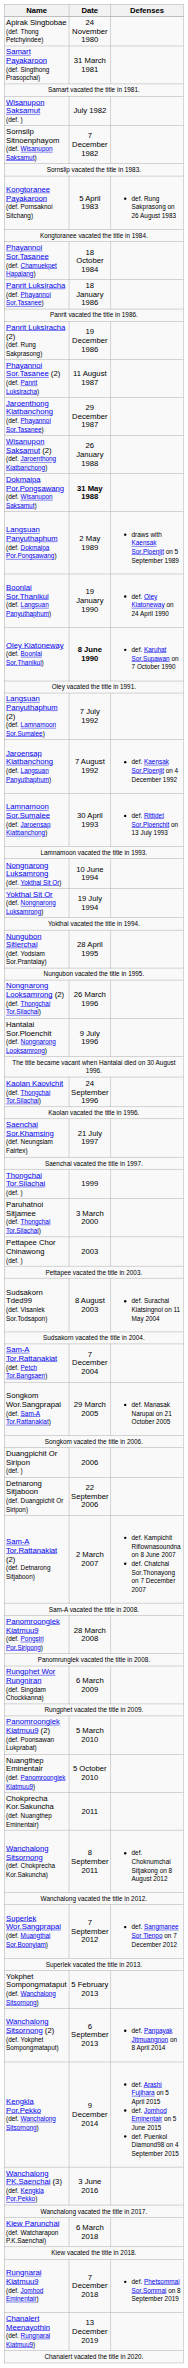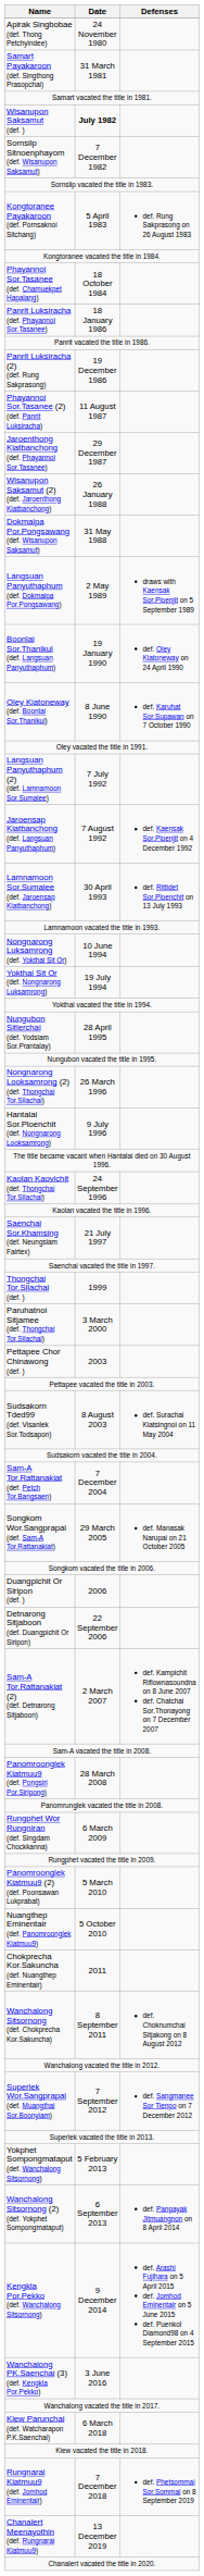 <table class="wikitable" style="width:60%; font-size:100%;">
 <tr>
 <th style="width:25%;">Name</th>
 <th style="width:15%;">Date</th>
 <th style="width:40%;">Defenses</th>
 </tr>
 <tr>
 </tr>
 <tr>
 <td align=left> Apirak Singbobae <br><small>(def. Thong Petchyindee)</small></td>
 <td align=center>24 November 1980</td>
 <td></td>
 </tr>
 <tr>
 <td align=left> <a href='#'>Samart Payakaroon</a> <br><small>(def. Singthong Prasopchai)</small></td>
 <td align=center>31 March 1981</td>
 <td></td>
 </tr>
 <tr>
 <td colspan=4 align=center><small>Samart vacated the title in 1981.</small></td>
 </tr>
 <tr>
 <td align=left> <a href='#'>Wisanupon Saksamut</a> <br><small>(def. )</small></td>
-<td align=center>July 1982</td>
+<td align=center><strong>July 1982</strong></td>
 <td></td>
 </tr>
 <tr>
 <td align=left> Sornsilp Sitnoenphayom <br><small>(def. <a href='#'>Wisanupon Saksamut</a>)</small></td>
 <td align=center>7 December 1982</td>
 <td></td>
 </tr>
 <tr>
 <td colspan=4 align=center><small>Sornslip vacated the title in 1983.</small></td>
 </tr>
 <tr>
 <td align=left> <a href='#'>Kongtoranee Payakaroon</a> <br><small>(def. Pornsaknoi Sitchang)</small></td>
 <td align=center>5 April 1983</td>
 <td><br><ul><li><small>def. Rung Sakprasong on 26 August 1983</small></li></ul></td>
 </tr>
 <tr>
 <td colspan=4 align=center><small>Kongtoranee vacated the title in 1984.</small></td>
 </tr>
 <tr>
 <td align=left> <a href='#'>Phayannoi Sor.Tasanee</a> <br><small>(def. <a href='#'>Chamuekpet Hapalang</a>)</small></td>
 <td align=center>18 October 1984</td>
 <td></td>
 </tr>
 <tr>
 <td align=left> <a href='#'>Panrit Luksiracha</a><br><small>(def. <a href='#'>Phayannoi Sor.Tasanee</a>)</small></td>
 <td align=center>18 January 1986</td>
 <td></td>
 </tr>
 <tr>
 <td colspan=4 align=center><small>Panrit vacated the title in 1986.</small></td>
 </tr>
 <tr>
 <td align=left> <a href='#'>Panrit Luksiracha</a> (2)<br><small>(def. Rung Sakprasong)</small></td>
 <td align=center>19 December 1986</td>
 <td></td>
 </tr>
 <tr>
 <td align=left> <a href='#'>Phayannoi Sor.Tasanee</a> (2)<br><small>(def. <a href='#'>Panrit Luksiracha</a>)</small></td>
 <td align=center>11 August 1987</td>
 <td></td>
 </tr>
 <tr>
 <td align=left> <a href='#'>Jaroenthong Kiatbanchong</a> <br><small>(def. <a href='#'>Phayannoi Sor.Tasanee</a>)</small></td>
 <td align=center>29 December 1987</td>
 <td></td>
 </tr>
 <tr>
 <td align=left> <a href='#'>Wisanupon Saksamut</a> (2)<br><small>(def. <a href='#'>Jaroenthong Kiatbanchong</a>)</small></td>
 <td align=center>26 January 1988</td>
 <td></td>
 </tr>
 <tr>
 <td align=left> <a href='#'>Dokmaipa Por.Pongsawang</a><br><small>(def. <a href='#'>Wisanupon Saksamut</a>)</small></td>
-<td align=center><strong>31 May 1988</strong></td>
+<td align=center>31 May 1988</td>
 <td></td>
 </tr>
 <tr>
 <td align=left> <a href='#'>Langsuan Panyuthaphum</a><br><small>(def. <a href='#'>Dokmaipa Por.Pongsawang</a>)</small></td>
 <td align=center>2 May 1989</td>
 <td><br><ul><li><small>draws with <a href='#'>Kaensak Sor.Ploenjit</a> on 5 September 1989</small></li></ul></td>
 </tr>
 <tr>
 <td align=left> <a href='#'>Boonlai Sor.Thanikul</a><br><small>(def. <a href='#'>Langsuan Panyuthaphum</a>)</small></td>
 <td align=center>19 January 1990</td>
 <td><br><ul><li><small>def. <a href='#'>Oley Kiatoneway</a> on 24 April 1990</small></li></ul></td>
 </tr>
 <tr>
 <td align=left> <a href='#'>Oley Kiatoneway</a><br><small>(def. <a href='#'>Boonlai Sor.Thanikul</a>)</small></td>
-<td align=center><strong>8 June 1990</strong></td>
+<td align=center>8 June 1990</td>
 <td><br><ul><li><small>def. <a href='#'>Karuhat Sor.Supawan</a> on 7 October 1990</small></li></ul></td>
 </tr>
 <tr>
 <td colspan=4 align=center><small>Oley vacated the title in 1991.</small></td>
 </tr>
 <tr>
 <td align=left> <a href='#'>Langsuan Panyuthaphum</a> (2)<br><small>(def. <a href='#'>Lamnamoon Sor.Sumalee</a>)</small></td>
 <td align=center>7 July 1992</td>
 <td></td>
 </tr>
 <tr>
 <td align=left> <a href='#'>Jaroensap Kiatbanchong</a><br><small>(def. <a href='#'>Langsuan Panyuthaphum</a>)</small></td>
 <td align=center>7 August 1992</td>
 <td><br><ul><li><small>def. <a href='#'>Kaensak Sor.Ploenjit</a> on 4 December 1992</small></li></ul></td>
 </tr>
 <tr>
 <td align=left> <a href='#'>Lamnamoon Sor.Sumalee</a><br><small>(def. <a href='#'>Jaroensap Kiatbanchong</a>)</small></td>
 <td align=center>30 April 1993</td>
 <td><br><ul><li><small>def. <a href='#'>Rittidet Sor.Ploenchit</a> on 13 July 1993</small></li></ul></td>
 </tr>
 <tr>
 <td colspan=4 align=center><small>Lamnamoon vacated the title in 1993.</small></td>
 </tr>
 <tr>
 <td align=left> <a href='#'>Nongnarong Luksamrong</a><br><small>(def. <a href='#'>Yokthai Sit Or</a>)</small></td>
 <td align=center>10 June 1994</td>
 <td></td>
 </tr>
 <tr>
 <td align=left> <a href='#'>Yokthai Sit Or</a><br><small>(def. <a href='#'>Nongnarong Luksamrong</a>)</small></td>
 <td align=center>19 July 1994</td>
 <td></td>
 </tr>
 <tr>
 <td colspan=4 align=center><small>Yokthai vacated the title in 1994.</small></td>
 </tr>
 <tr>
 <td align=left> <a href='#'>Nungubon Sitlerchai</a><br><small>(def. Yodsiam Sor.Prantalay)</small></td>
 <td align=center>28 April 1995</td>
 <td></td>
 </tr>
 <tr>
 <td colspan=4 align=center><small>Nungubon vacated the title in 1995.</small></td>
 </tr>
 <tr>
 <td align=left> <a href='#'>Nongnarong Looksamrong</a> (2)<br><small>(def. <a href='#'>Thongchai Tor.Silachai</a>)</small></td>
 <td align=center>26 March 1996</td>
 <td></td>
 </tr>
 <tr>
 <td align=left> Hantalai Sor.Ploenchit<br><small>(def. <a href='#'>Nongnarong Looksamrong</a>)</small></td>
 <td align=center>9 July 1996</td>
 <td></td>
 </tr>
 <tr>
 <td colspan=4 align=center><small>The title became vacant when Hantalai died on 30 August 1996.</small></td>
 </tr>
 <tr>
 <td align=left> <a href='#'>Kaolan Kaovichit</a><br><small>(def. <a href='#'>Thongchai Tor.Silachai</a>)</small></td>
 <td align=center>24 September 1996</td>
 <td></td>
 </tr>
 <tr>
 <td colspan=4 align=center><small>Kaolan vacated the title in 1996.</small></td>
 </tr>
 <tr>
 <td align=left> <a href='#'>Saenchai Sor.Khamsing</a><br><small>(def. Neungsiam Fairtex)</small></td>
 <td align=center>21 July 1997</td>
 <td></td>
 </tr>
 <tr>
 <td colspan=4 align=center><small>Saenchai vacated the title in 1997.</small></td>
 </tr>
 <tr>
 <td align=left> <a href='#'>Thongchai Tor.Silachai</a><br><small>(def. )</small></td>
 <td align=center>1999</td>
 <td></td>
 </tr>
 <tr>
 <td align=left> Paruhatnoi Sitjamee<br><small>(def. <a href='#'>Thongchai Tor.Silachai</a>)</small></td>
 <td align=center>3 March 2000</td>
 <td></td>
 </tr>
 <tr>
 <td align=left> Pettapee Chor Chinawong<br><small>(def. )</small></td>
 <td align=center>2003</td>
 <td></td>
 </tr>
 <tr>
 <td colspan=4 align=center><small>Pettapee vacated the title in 2003.</small></td>
 </tr>
 <tr>
 <td align=left> Sudsakorn Tded99<br><small>(def. Visanlek Sor.Todsapon)</small></td>
 <td align=center>8 August 2003</td>
 <td><br><ul><li><small>def. Surachai Kiatsingnoi on 11 May 2004</small></li></ul></td>
 </tr>
 <tr>
 <td colspan=4 align=center><small>Sudsakorn vacated the title in 2004.</small></td>
 </tr>
 <tr>
 <td align=left> <a href='#'>Sam-A Tor.Rattanakiat</a><br><small>(def. <a href='#'>Petch Tor.Bangsaen</a>)</small></td>
 <td align=center>7 December 2004</td>
 <td></td>
 </tr>
 <tr>
 <td align=left> Songkom Wor.Sangprapai<br><small>(def. <a href='#'>Sam-A Tor.Rattanakiat</a>)</small></td>
 <td align=center>29 March 2005</td>
 <td><br><ul><li><small>def. Manasak Narupai on 21 October 2005</small></li></ul></td>
 </tr>
 <tr>
 <td colspan=4 align=center><small>Songkom vacated the title in 2006.</small></td>
 </tr>
 <tr>
 <td align=left> Duangpichit Or Siripon<br><small>(def. )</small></td>
 <td align=center>2006</td>
 <td></td>
 </tr>
 <tr>
 <td align=left> Detnarong Sitjaboon<br><small>(def. Duangpichit Or Siripon)</small></td>
 <td align=center>22 September 2006</td>
 <td></td>
 </tr>
 <tr>
 <td align=left> <a href='#'>Sam-A Tor.Rattanakiat</a> (2)<br><small>(def. Detnarong Sitjaboon)</small></td>
 <td align=center>2 March 2007</td>
 <td><br><ul><li><small>def. Kampichit Riflownasoundna on 8 June 2007</small></li><li><small>def. Chatchai Sor.Thonayong on 7 December 2007</small></li></ul></td>
 </tr>
 <tr>
 <td colspan=4 align=center><small>Sam-A vacated the title in 2008.</small></td>
 </tr>
 <tr>
 <td align=left> <a href='#'>Panomroonglek Kiatmuu9</a><br><small>(def. <a href='#'>Pongsiri Por.Siripong</a>)</small></td>
 <td align=center>28 March 2008</td>
 <td></td>
 </tr>
 <tr>
 <td colspan=4 align=center><small>Panomrunglek vacated the title in 2008.</small></td>
 </tr>
 <tr>
 <td align=left> <a href='#'>Rungphet Wor Rungniran</a><br><small>(def. Singdam Chockkanna)</small></td>
 <td align=center>6 March 2009</td>
 <td></td>
 </tr>
 <tr>
 <td colspan=4 align=center><small>Rungphet vacated the title in 2009.</small></td>
 </tr>
 <tr>
 <td align=left> <a href='#'>Panomroonglek Kiatmuu9</a> (2)<br><small>(def. Poonsawan Lukprabat)</small></td>
 <td align=center>5 March 2010</td>
 <td></td>
 </tr>
 <tr>
 <td align=left> Nuangthep Eminentair<br><small>(def. <a href='#'>Panomroonglek Kiatmuu9</a>)</small></td>
 <td align=center>5 October 2010</td>
 <td></td>
 </tr>
 <tr>
 <td align=left> Chokprecha Kor.Sakuncha<br><small>(def. Nuangthep Eminentair)</small></td>
 <td align=center>2011</td>
 <td></td>
 </tr>
 <tr>
 <td align=left> <a href='#'>Wanchalong Sitsornong</a><br><small>(def. Chokprecha Kor.Sakuncha)</small></td>
 <td align=center>8 September 2011</td>
 <td><br><ul><li><small>def. Choknumchai Sitjakong on 8 August 2012</small></li></ul></td>
 </tr>
 <tr>
 <td colspan=4 align=center><small>Wanchalong vacated the title in 2012.</small></td>
 </tr>
 <tr>
 <td align=left> <a href='#'>Superlek Wor.Sangprapai</a><br><small>(def. <a href='#'>Muangthai Sor.Boonyiam</a>)</small></td>
 <td align=center>7 September 2012</td>
 <td><br><ul><li><small>def. <a href='#'>Sangmanee Sor Tienpo</a> on 7 December 2012</small></li></ul></td>
 </tr>
 <tr>
 <td colspan=4 align=center><small>Superlek vacated the title in 2013.</small></td>
 </tr>
 <tr>
 <td align=left> Yokphet Sompongmataput<br><small>(def. <a href='#'>Wanchalong Sitsornong</a>)</small></td>
 <td align=center>5 February 2013</td>
 <td></td>
 </tr>
 <tr>
 <td align=left> <a href='#'>Wanchalong Sitsornong</a> (2)<br><small>(def. Yokphet Sompongmataput)</small></td>
 <td align=center>6 September 2013</td>
 <td><br><ul><li><small>def. <a href='#'>Panpayak Jitmuangnon</a> on 8 April 2014</small></li></ul></td>
 </tr>
 <tr>
 <td align=left> <a href='#'>Kengkla Por.Pekko</a><br><small>(def. <a href='#'>Wanchalong Sitsornong</a>)</small></td>
 <td align=center>9 December 2014</td>
 <td><br><ul><li><small>def. <a href='#'>Arashi Fujihara</a> on 5 April 2015</small></li><li><small>def. <a href='#'>Jomhod Eminentair</a> on 5 June 2015</small></li><li><small>def. Puenkol Diamond98 on 4 September 2015</small></li></ul></td>
 </tr>
 <tr>
 <td align=left> <a href='#'>Wanchalong PK.Saenchai</a> (3)<br><small>(def. <a href='#'>Kengkla Por.Pekko</a>)</small></td>
 <td align=center>3 June 2016</td>
 <td></td>
 </tr>
 <tr>
 <td colspan=4 align=center><small>Wanchalong vacated the title in 2017.</small></td>
 </tr>
 <tr>
 <td align=left> <a href='#'>Kiew Parunchai</a><br><small>(def. Watcharapon P.K.Saenchai)</small></td>
 <td align=center>6 March 2018</td>
 <td></td>
 </tr>
 <tr>
 <td colspan=4 align=center><small>Kiew vacated the title in 2018.</small></td>
 </tr>
 <tr>
 <td align=left> <a href='#'>Rungnarai Kiatmuu9</a><br><small>(def. <a href='#'>Jomhod Eminentair</a>)</small></td>
 <td align=center>7 December 2018</td>
 <td><br><ul><li><small>def. <a href='#'>Phetsommai Sor.Sommai</a> on 8 September 2019</small></li></ul></td>
 </tr>
 <tr>
 <td align=left> <a href='#'>Chanalert Meenayothin</a><br><small>(def. <a href='#'>Rungnarai Kiatmuu9</a>)</small></td>
 <td align=center>13 December 2019</td>
 <td></td>
 </tr>
 <tr>
 <td colspan=4 align=center><small>Chanalert vacated the title in 2020.</small></td>
 </tr>
 </table>
